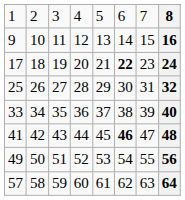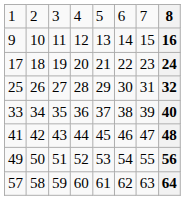 <table class="wikitable">
 <tr>
 <td>1</td>
 <td>2</td>
 <td>3</td>
 <td>4</td>
 <td>5</td>
 <td>6</td>
 <td>7</td>
 <th>8</th>
 </tr>
 <tr>
 <td>9</td>
 <td>10</td>
 <td>11</td>
 <td>12</td>
 <td>13</td>
 <td>14</td>
 <td>15</td>
 <th>16</th>
 </tr>
 <tr>
 <td>17</td>
 <td>18</td>
 <td>19</td>
 <td>20</td>
 <td>21</td>
-<td><strong>22</strong></td>
+<td>22</td>
 <td>23</td>
 <th>24</th>
 </tr>
 <tr>
 <td>25</td>
 <td>26</td>
 <td>27</td>
 <td>28</td>
 <td>29</td>
 <td>30</td>
 <td>31</td>
 <th>32</th>
 </tr>
 <tr>
 <td>33</td>
 <td>34</td>
 <td>35</td>
 <td>36</td>
 <td>37</td>
 <td>38</td>
 <td>39</td>
 <th>40</th>
 </tr>
 <tr>
 <td>41</td>
 <td>42</td>
 <td>43</td>
 <td>44</td>
 <td>45</td>
-<td><strong>46</strong></td>
+<td>46</td>
 <td>47</td>
 <th>48</th>
 </tr>
 <tr>
 <td>49</td>
 <td>50</td>
 <td>51</td>
 <td>52</td>
 <td>53</td>
 <td>54</td>
 <td>55</td>
 <th>56</th>
 </tr>
 <tr>
 <td>57</td>
 <td>58</td>
 <td>59</td>
 <td>60</td>
 <td>61</td>
 <td>62</td>
 <td>63</td>
 <th>64</th>
 </tr>
 </table>
